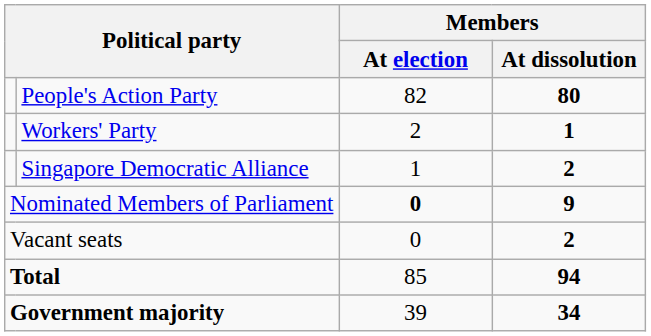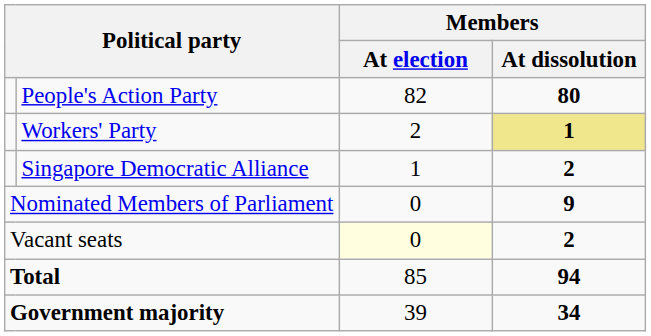 <table class="wikitable" border="1">
 <tr>
 <th colspan="2" rowspan="2">Political party</th>
 <th colspan="2">Members</th>
 </tr>
 <tr>
 <th width="100px">At <a href='#'>election</a></th>
 <th width="100px">At dissolution</th>
 </tr>
 <tr>
 <td></td>
 <td scope="row"><a href='#'>People's Action Party</a></td>
 <td align="center">82</td>
 <td align="center"><strong>80</strong></td>
 </tr>
 <tr>
 <td></td>
 <td scope="row"><a href='#'>Workers' Party</a></td>
 <td align="center">2</td>
-<td align="center"><strong>1</strong></td>
+<td align="center" style="background: khaki;"><strong>1</strong></td>
 </tr>
 <tr>
 <td></td>
 <td><a href='#'>Singapore Democratic Alliance</a></td>
 <td align="center">1</td>
 <td align="center"><strong>2</strong></td>
 </tr>
 <tr>
 <td colspan="2"><a href='#'>Nominated Members of Parliament</a></td>
-<td align="center"><strong>0</strong></td>
+<td align="center">0</td>
 <td align="center"><strong>9</strong></td>
 </tr>
 <tr>
 <td colspan="2">Vacant seats</td>
-<td align="center">0</td>
+<td align="center" style="background: lightyellow;">0</td>
 <td align="center"><strong>2</strong></td>
 </tr>
 <tr>
 <td colspan="2"><strong>Total</strong></td>
 <td align="center">85</td>
 <td align="center"><strong>94</strong></td>
 </tr>
 <tr>
 <td colspan="2"><strong>Government majority</strong></td>
 <td align="center">39</td>
 <td align="center"><strong>34</strong></td>
 </tr>
 </table>
